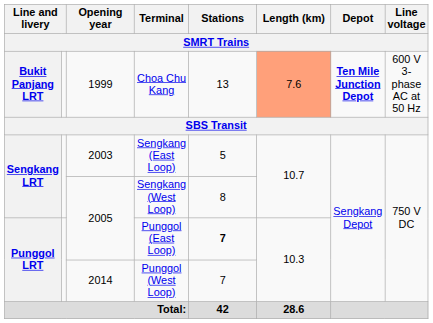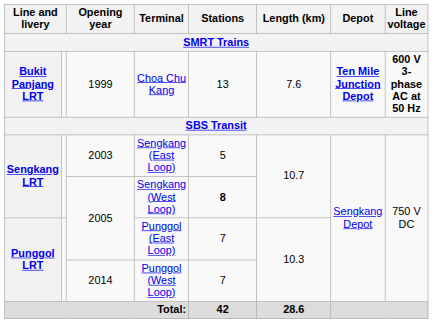 <table class="wikitable" style="margin:auto;font-align:center;">
 <tr>
 <th colspan="2">Line and livery</th>
 <th style="width:150px;">Opening year</th>
 <th>Terminal</th>
 <th style="width:154px;">Stations</th>
 <th style="width:200px;">Length (km)</th>
 <th>Depot</th>
 <th>Line voltage</th>
 </tr>
 <tr align="center">
 <th colspan="8"><a href='#'>SMRT Trains</a></th>
 </tr>
 <tr align="center">
 <th><a href='#'>Bukit Panjang LRT</a></th>
 <td style="background-color:#"></td>
 <td>1999</td>
 <td><a href='#'>Choa Chu Kang</a></td>
 <td>13</td>
-<td style="background: lightsalmon;">7.6</td>
+<td>7.6</td>
 <td><strong><a href='#'>Ten Mile Junction Depot</a></strong></td>
-<td>600 V 3-phase AC at 50 Hz</td>
+<td><strong>600 V 3-phase AC at 50 Hz</strong></td>
 </tr>
 <tr align="center">
 <th colspan="8"><a href='#'>SBS Transit</a></th>
 </tr>
 <tr align="center">
 <th rowspan="2"><a href='#'>Sengkang LRT</a></th>
 <td rowspan="2" style="background-color:#"></td>
 <td>2003</td>
 <td><a href='#'>Sengkang (East Loop)</a></td>
 <td>5</td>
 <td rowspan="2">10.7</td>
 <td colspan="1" rowspan="4"><a href='#'>Sengkang Depot</a></td>
 <td rowspan="4">750 V DC</td>
 </tr>
 <tr align="center">
 <td rowspan="2">2005</td>
 <td><a href='#'>Sengkang (West Loop)</a></td>
-<td>8</td>
+<td><strong>8</strong></td>
 </tr>
 <tr align="center">
 <th rowspan="2"><a href='#'>Punggol LRT</a></th>
 <td rowspan="2" style="background-color:#"></td>
 <td><a href='#'>Punggol (East Loop)</a></td>
-<td><strong>7</strong></td>
+<td>7</td>
 <td rowspan="2">10.3</td>
 </tr>
 <tr align="center">
 <td>2014</td>
 <td><a href='#'>Punggol (West Loop)</a></td>
 <td>7</td>
 </tr>
 <tr class="sortbottom" style="align:center; background:#DCDCDC;">
 <td colspan="4" style="text-align:right;"><strong>Total:</strong></td>
 <td style="text-align:center;"><strong>42</strong></td>
 <td style="text-align:center;"><strong>28.6</strong></td>
 <td colspan="2" style="text-align:center;"></td>
 </tr>
 </table>
